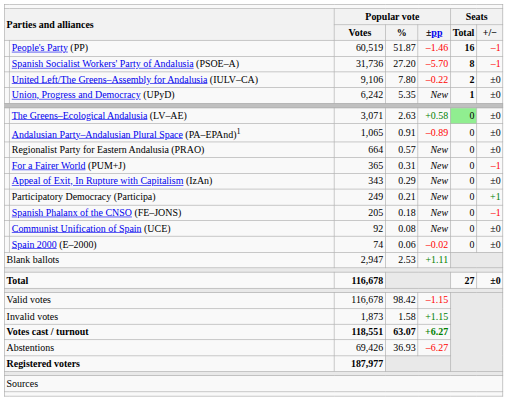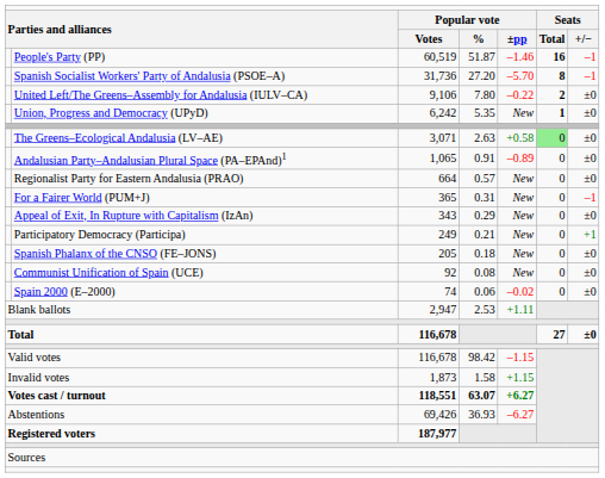 <table class="wikitable" style="text-align:right;">
 <tr>
 <td colspan="7"></td>
 </tr>
 <tr>
 <th style="text-align:left;" rowspan="2" colspan="2" width="525">Parties and alliances</th>
 <th colspan="3">Popular vote</th>
 <th colspan="2">Seats</th>
 </tr>
 <tr>
 <th width="75">Votes</th>
 <th width="45">%</th>
 <th width="45">±<a href='#'>pp</a></th>
 <th width="35">Total</th>
 <th width="35">+/−</th>
 </tr>
 <tr>
 <td width="1" style="color:inherit;background:"></td>
 <td align="left"><a href='#'>People's Party</a> (PP)</td>
 <td>60,519</td>
 <td>51.87</td>
 <td style="color:red;">–1.46</td>
 <td><strong>16</strong></td>
 <td style="color:red;">–1</td>
 </tr>
 <tr>
 <td style="color:inherit;background:"></td>
 <td align="left"><a href='#'>Spanish Socialist Workers' Party of Andalusia</a> (PSOE–A)</td>
 <td>31,736</td>
 <td>27.20</td>
 <td style="color:red;">–5.70</td>
 <td><strong>8</strong></td>
 <td style="color:red;">–1</td>
 </tr>
 <tr>
 <td style="color:inherit;background:"></td>
 <td align="left"><a href='#'>United Left/The Greens–Assembly for Andalusia</a> (IULV–CA)</td>
 <td>9,106</td>
 <td>7.80</td>
 <td style="color:red;">–0.22</td>
 <td><strong>2</strong></td>
 <td>±0</td>
 </tr>
 <tr>
 <td style="color:inherit;background:"></td>
 <td align="left"><a href='#'>Union, Progress and Democracy</a> (UPyD)</td>
 <td>6,242</td>
 <td>5.35</td>
 <td><em>New</em></td>
 <td><strong>1</strong></td>
 <td>±0</td>
 </tr>
 <tr>
 <td colspan="7" bgcolor="#C0C0C0"></td>
 </tr>
 <tr>
 <td style="color:inherit;background:"></td>
 <td align="left"><a href='#'>The Greens–Ecological Andalusia</a> (LV–AE)</td>
 <td>3,071</td>
 <td>2.63</td>
 <td style="color:green;">+0.58</td>
 <td style="background: lightgreen;">0</td>
 <td>±0</td>
 </tr>
 <tr>
 <td style="color:inherit;background:"></td>
 <td align="left"><a href='#'>Andalusian Party–Andalusian Plural Space</a> (PA–EPAnd)<sup>1</sup></td>
 <td>1,065</td>
 <td>0.91</td>
 <td style="color:red;">–0.89</td>
 <td>0</td>
 <td>±0</td>
 </tr>
 <tr>
 <td style="color:inherit;background:"></td>
 <td align="left">Regionalist Party for Eastern Andalusia (PRAO)</td>
 <td>664</td>
 <td>0.57</td>
 <td><em>New</em></td>
 <td>0</td>
 <td>±0</td>
 </tr>
 <tr>
 <td style="color:inherit;background:"></td>
 <td align="left"><a href='#'>For a Fairer World</a> (PUM+J)</td>
 <td>365</td>
 <td>0.31</td>
 <td><em>New</em></td>
 <td>0</td>
 <td style="color:red;">–1</td>
 </tr>
 <tr>
 <td style="color:inherit;background:"></td>
 <td align="left"><a href='#'>Appeal of Exit, In Rupture with Capitalism</a> (IzAn)</td>
 <td>343</td>
 <td>0.29</td>
 <td><em>New</em></td>
 <td>0</td>
 <td>±0</td>
 </tr>
 <tr>
 <td style="color:inherit;background:"></td>
 <td align="left">Participatory Democracy (Participa)</td>
 <td>249</td>
 <td>0.21</td>
 <td><em>New</em></td>
 <td>0</td>
 <td style="color:green;">+1</td>
 </tr>
 <tr>
 <td style="color:inherit;background:"></td>
 <td align="left"><a href='#'>Spanish Phalanx of the CNSO</a> (FE–JONS)</td>
 <td>205</td>
 <td>0.18</td>
 <td><em>New</em></td>
 <td>0</td>
-<td style="color:red;">–1</td>
+<td>±0</td>
 </tr>
 <tr>
 <td style="color:inherit;background:"></td>
 <td align="left"><a href='#'>Communist Unification of Spain</a> (UCE)</td>
 <td>92</td>
 <td>0.08</td>
 <td><em>New</em></td>
 <td>0</td>
 <td>±0</td>
 </tr>
 <tr>
 <td style="color:inherit;background:"></td>
 <td align="left"><a href='#'>Spain 2000</a> (E–2000)</td>
 <td>74</td>
 <td>0.06</td>
 <td style="color:red;">–0.02</td>
 <td>0</td>
 <td>±0</td>
 </tr>
 <tr>
 <td align="left" colspan="2">Blank ballots</td>
 <td>2,947</td>
 <td>2.53</td>
 <td style="color:green;">+1.11</td>
 <td bgcolor="#E9E9E9" colspan="2"></td>
 </tr>
 <tr>
 <td colspan="7" bgcolor="#E9E9E9"></td>
 </tr>
 <tr style="font-weight:bold;">
 <td align="left" colspan="2">Total</td>
 <td>116,678</td>
 <td bgcolor="#E9E9E9" colspan="2"></td>
 <td>27</td>
 <td>±0</td>
 </tr>
 <tr>
 <td colspan="7" bgcolor="#E9E9E9"></td>
 </tr>
 <tr>
 <td align="left" colspan="2">Valid votes</td>
 <td>116,678</td>
 <td>98.42</td>
 <td style="color:red;">–1.15</td>
 <td bgcolor="#E9E9E9" colspan="2" rowspan="5"></td>
 </tr>
 <tr>
 <td align="left" colspan="2">Invalid votes</td>
 <td>1,873</td>
 <td>1.58</td>
 <td style="color:green;">+1.15</td>
 </tr>
 <tr style="font-weight:bold;">
 <td align="left" colspan="2">Votes cast / turnout</td>
 <td>118,551</td>
 <td>63.07</td>
 <td style="color:green;">+6.27</td>
 </tr>
 <tr>
 <td align="left" colspan="2">Abstentions</td>
 <td>69,426</td>
 <td>36.93</td>
 <td style="color:red;">–6.27</td>
 </tr>
 <tr style="font-weight:bold;">
 <td align="left" colspan="2">Registered voters</td>
 <td>187,977</td>
 <td bgcolor="#E9E9E9" colspan="2"></td>
 </tr>
 <tr>
 <td colspan="7" bgcolor="#E9E9E9"></td>
 </tr>
 <tr>
 <td align="left" colspan="7">Sources</td>
 </tr>
 <tr>
 <td colspan="7" style="text-align:left; max-width:790px;"></td>
 </tr>
 </table>
